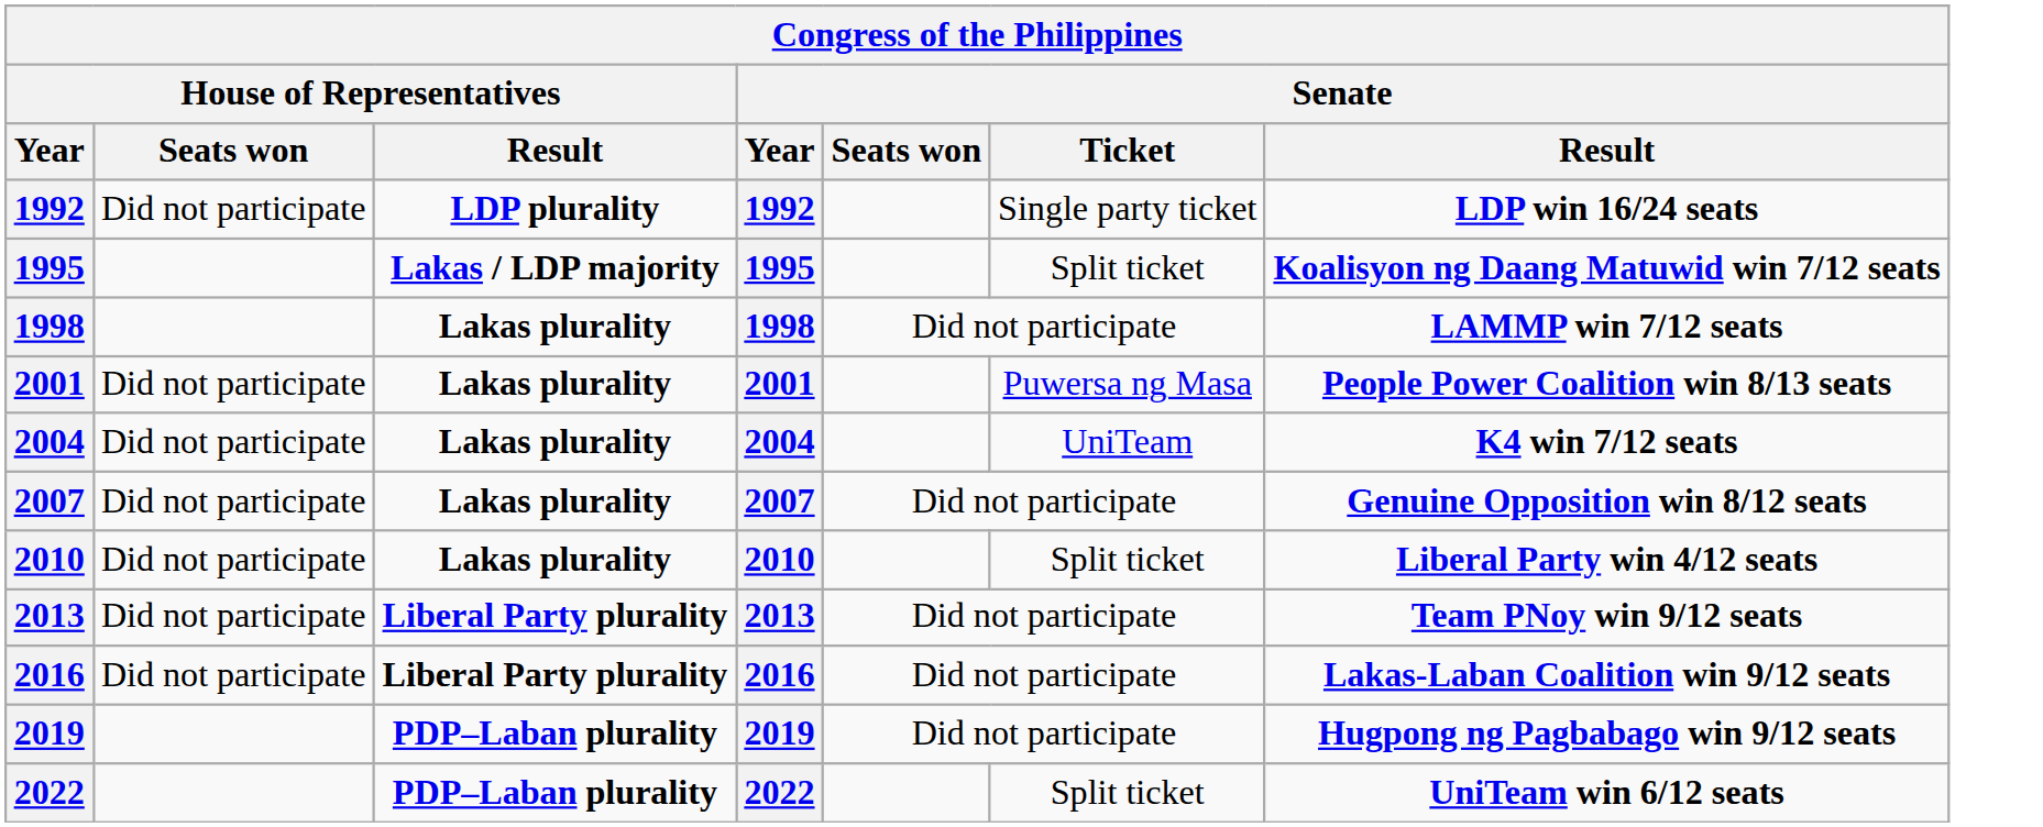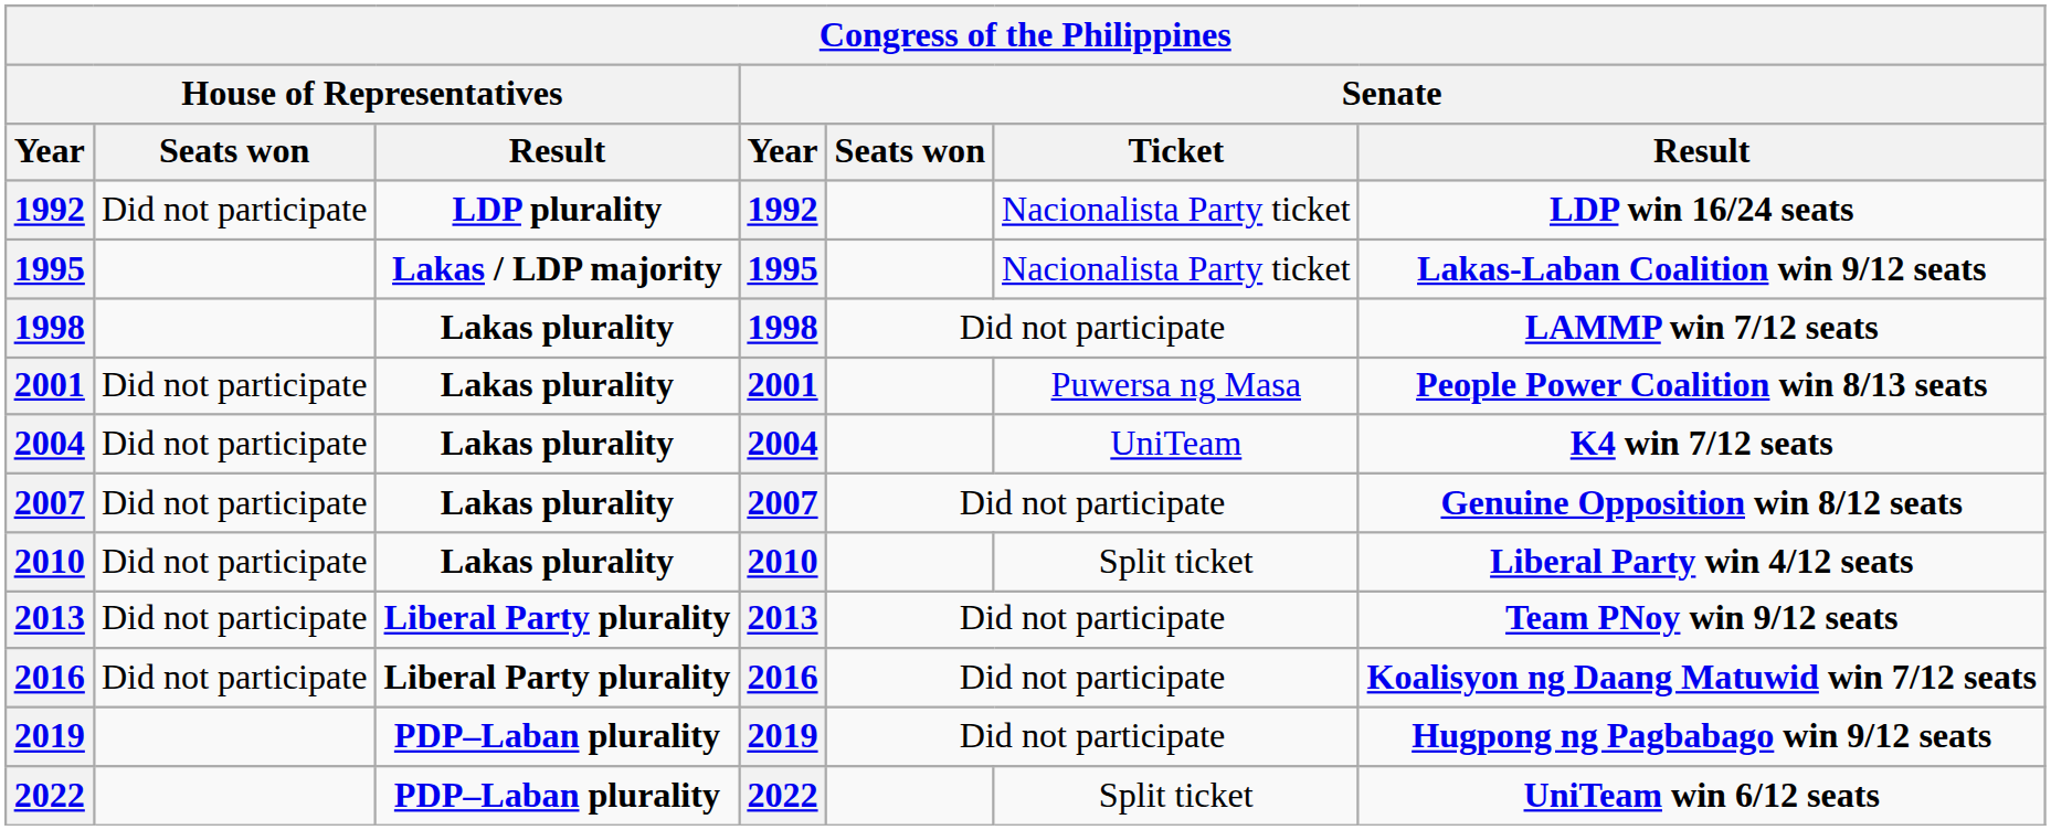 <table class="wikitable" style="text-align:center; font-size:90%">
 <tr>
 <th colspan=7><a href='#'>Congress of the Philippines</a></th>
 </tr>
 <tr>
 <th colspan="3">House of Representatives</th>
 <th colspan="4">Senate</th>
 </tr>
 <tr>
 <th>Year</th>
 <th>Seats won</th>
 <th>Result</th>
 <th>Year</th>
 <th>Seats won</th>
 <th>Ticket</th>
 <th>Result</th>
 </tr>
 <tr>
 <th><a href='#'>1992</a></th>
 <td>Did not participate</td>
 <td><strong><a href='#'>LDP</a> plurality</strong></td>
 <th><a href='#'>1992</a></th>
 <td></td>
-<td>Single party ticket</td>
+<td><a href='#'>Nacionalista Party</a> ticket</td>
 <td><strong><a href='#'>LDP</a> win 16/24 seats</strong></td>
 </tr>
 <tr>
 <th><a href='#'>1995</a></th>
 <td></td>
 <td><strong><a href='#'>Lakas</a> / LDP majority</strong></td>
 <th><a href='#'>1995</a></th>
 <td></td>
-<td>Split ticket</td>
-<td><strong><a href='#'>Koalisyon ng Daang Matuwid</a> win 7/12 seats</strong></td>
+<td><a href='#'>Nacionalista Party</a> ticket</td>
+<td><strong><a href='#'>Lakas-Laban Coalition</a> win 9/12 seats</strong></td>
 </tr>
 <tr>
 <th><a href='#'>1998</a></th>
 <td></td>
 <td><strong>Lakas plurality</strong></td>
 <th><a href='#'>1998</a></th>
 <td colspan=2>Did not participate</td>
 <td><strong><a href='#'>LAMMP</a> win 7/12 seats</strong></td>
 </tr>
 <tr>
 <th><a href='#'>2001</a></th>
 <td>Did not participate</td>
 <td><strong>Lakas plurality</strong></td>
 <th><a href='#'>2001</a></th>
 <td></td>
 <td><a href='#'>Puwersa ng Masa</a></td>
 <td><strong><a href='#'>People Power Coalition</a> win 8/13 seats</strong></td>
 </tr>
 <tr>
 <th><a href='#'>2004</a></th>
 <td>Did not participate</td>
 <td><strong>Lakas plurality</strong></td>
 <th><a href='#'>2004</a></th>
 <td></td>
 <td style="background:"><a href='#'>UniTeam</a></td>
 <td style="background:"><strong><a href='#'>K4</a> win 7/12 seats</strong></td>
 </tr>
 <tr>
 <th><a href='#'>2007</a></th>
 <td>Did not participate</td>
 <td><strong>Lakas plurality</strong></td>
 <th><a href='#'>2007</a></th>
 <td colspan=2>Did not participate</td>
 <td><strong><a href='#'>Genuine Opposition</a> win 8/12 seats</strong></td>
 </tr>
 <tr>
 <th><a href='#'>2010</a></th>
 <td>Did not participate</td>
 <td><strong>Lakas plurality</strong></td>
 <th><a href='#'>2010</a></th>
 <td></td>
 <td>Split ticket</td>
 <td><strong><a href='#'>Liberal Party</a> win 4/12 seats</strong></td>
 </tr>
 <tr>
 <th><a href='#'>2013</a></th>
 <td>Did not participate</td>
 <td><strong><a href='#'>Liberal Party</a> plurality</strong></td>
 <th><a href='#'>2013</a></th>
 <td colspan=2>Did not participate</td>
 <td><strong><a href='#'>Team PNoy</a> win 9/12 seats</strong></td>
 </tr>
 <tr>
 <th><a href='#'>2016</a></th>
 <td>Did not participate</td>
 <td><strong>Liberal Party plurality</strong></td>
 <th><a href='#'>2016</a></th>
 <td colspan=2>Did not participate</td>
-<td><strong><a href='#'>Lakas-Laban Coalition</a> win 9/12 seats</strong></td>
+<td><strong><a href='#'>Koalisyon ng Daang Matuwid</a> win 7/12 seats</strong></td>
 </tr>
 <tr>
 <th><a href='#'>2019</a></th>
 <td></td>
 <td><strong><a href='#'>PDP–Laban</a> plurality</strong></td>
 <th><a href='#'>2019</a></th>
 <td colspan=2>Did not participate</td>
 <td><strong><a href='#'>Hugpong ng Pagbabago</a> win 9/12 seats</strong></td>
 </tr>
 <tr>
 <th><a href='#'>2022</a></th>
 <td style="text-align:center"></td>
 <td><strong><a href='#'>PDP–Laban</a> plurality</strong></td>
 <th><a href='#'>2022</a></th>
 <td style="text-align:center"></td>
 <td>Split ticket</td>
 <td style="background:"><strong><a href='#'>UniTeam</a> win 6/12 seats</strong></td>
 </tr>
 </table>
